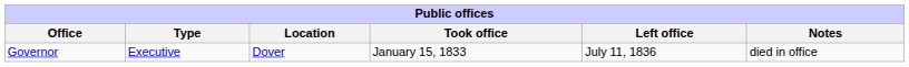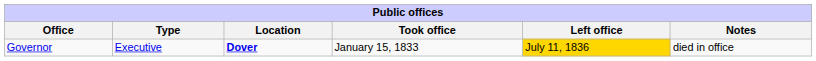 <table class=wikitable style="width: 94%" style="text-align: center;" align="center">
 <tr bgcolor=#cccccc>
 <th colspan=7 style="background: #ccccff;">Public offices</th>
 </tr>
 <tr>
 <th><strong>Office</strong></th>
 <th><strong>Type</strong></th>
 <th><strong>Location</strong></th>
 <th><strong>Took office</strong></th>
 <th><strong>Left office</strong></th>
 <th><strong>Notes</strong></th>
 </tr>
 <tr>
 <td><a href='#'>Governor</a></td>
 <td><a href='#'>Executive</a></td>
-<td><a href='#'>Dover</a></td>
+<td><strong><a href='#'>Dover</a></strong></td>
 <td>January 15, 1833</td>
-<td>July 11, 1836</td>
+<td style="background: gold;">July 11, 1836</td>
 <td>died in office</td>
 </tr>
 </table>
